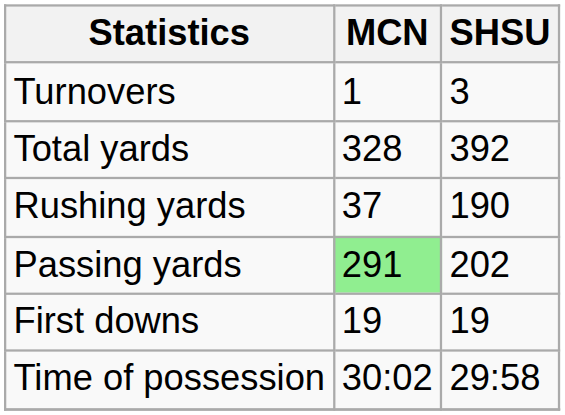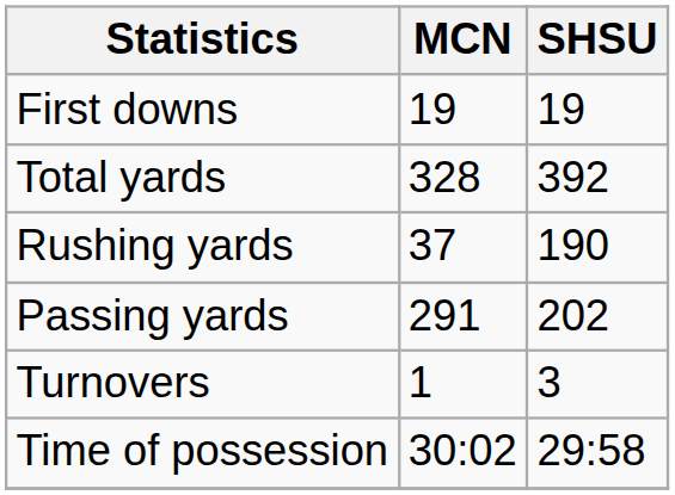 <table class="wikitable" style="float: left;">
 <tr>
 <th>Statistics</th>
 <th>MCN</th>
 <th>SHSU</th>
 </tr>
 <tr>
-<td>Turnovers</td>
-<td>1</td>
-<td>3</td>
+<td>First downs</td>
+<td>19</td>
+<td>19</td>
 </tr>
 <tr>
 <td>Total yards</td>
 <td>328</td>
 <td>392</td>
 </tr>
 <tr>
 <td>Rushing yards</td>
 <td>37</td>
 <td>190</td>
 </tr>
 <tr>
 <td>Passing yards</td>
-<td style="background: lightgreen;">291</td>
+<td>291</td>
 <td>202</td>
 </tr>
 <tr>
-<td>First downs</td>
-<td>19</td>
-<td>19</td>
+<td>Turnovers</td>
+<td>1</td>
+<td>3</td>
 </tr>
 <tr>
 <td>Time of possession</td>
 <td>30:02</td>
 <td>29:58</td>
 </tr>
 <tr>
 </tr>
 </table>
